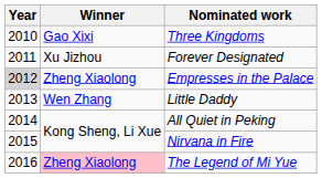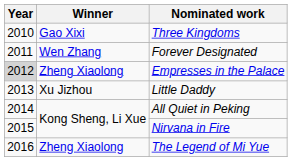 <table class="wikitable">
 <tr>
 <th>Year</th>
 <th>Winner</th>
 <th>Nominated work</th>
 </tr>
 <tr>
 <td>2010</td>
 <td><a href='#'>Gao Xixi</a></td>
 <td><em><a href='#'>Three Kingdoms</a></em></td>
 </tr>
 <tr>
 <td>2011</td>
-<td>Xu Jizhou</td>
+<td><a href='#'>Wen Zhang</a></td>
 <td><em>Forever Designated</em></td>
 </tr>
 <tr>
 <td style="background: lightgrey;">2012</td>
 <td><a href='#'>Zheng Xiaolong</a></td>
 <td><em><a href='#'>Empresses in the Palace</a></em></td>
 </tr>
 <tr>
 <td>2013</td>
-<td><a href='#'>Wen Zhang</a></td>
+<td>Xu Jizhou</td>
 <td><em>Little Daddy</em></td>
 </tr>
 <tr>
 <td>2014</td>
 <td rowspan=2>Kong Sheng, Li Xue</td>
 <td><em>All Quiet in Peking</em></td>
 </tr>
 <tr>
 <td>2015</td>
 <td><em><a href='#'>Nirvana in Fire</a></em></td>
 </tr>
 <tr>
 <td>2016</td>
-<td style="background: pink;"><a href='#'>Zheng Xiaolong</a></td>
+<td><a href='#'>Zheng Xiaolong</a></td>
 <td><em><a href='#'>The Legend of Mi Yue</a></em></td>
 </tr>
 </table>
